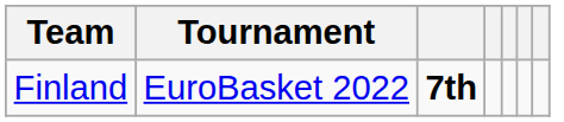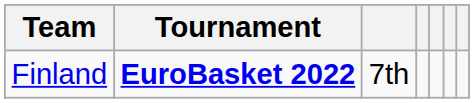 <table class="wikitable" style=" text-align:center;">
 <tr>
 <th>Team</th>
 <th>Tournament</th>
 <th></th>
 <th></th>
 <th></th>
 <th></th>
 <th></th>
 </tr>
 <tr>
 <td rowspan=1><a href='#'>Finland</a></td>
-<td><a href='#'>EuroBasket 2022</a></td>
-<td><strong>7th</strong></td>
+<td><strong><a href='#'>EuroBasket 2022</a></strong></td>
+<td>7th</td>
 <td></td>
 <td></td>
 <td></td>
 <td></td>
 </tr>
 </table>
